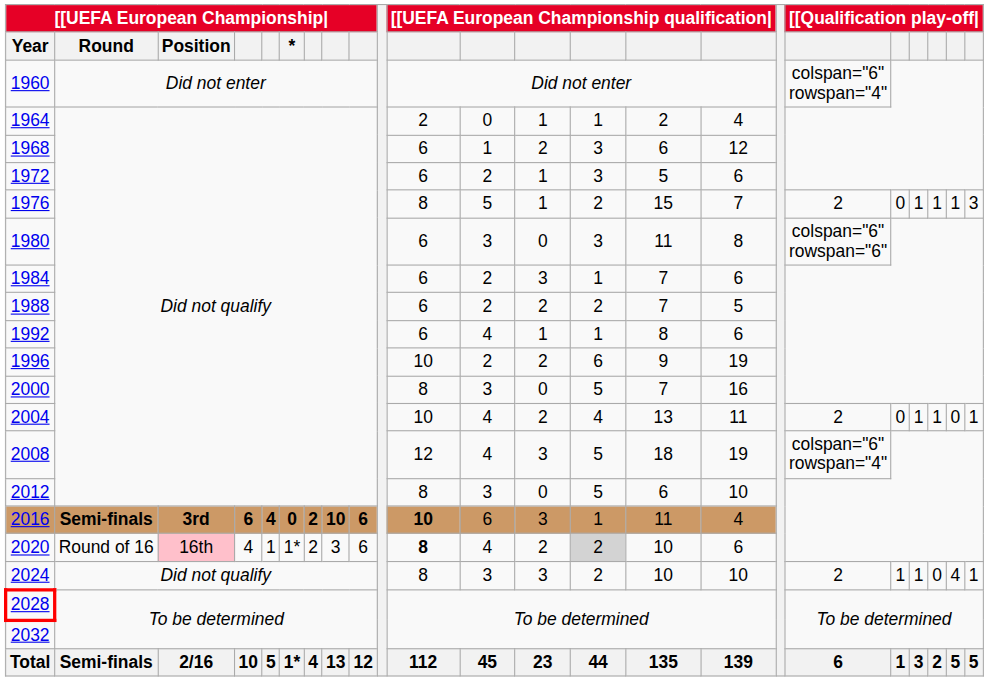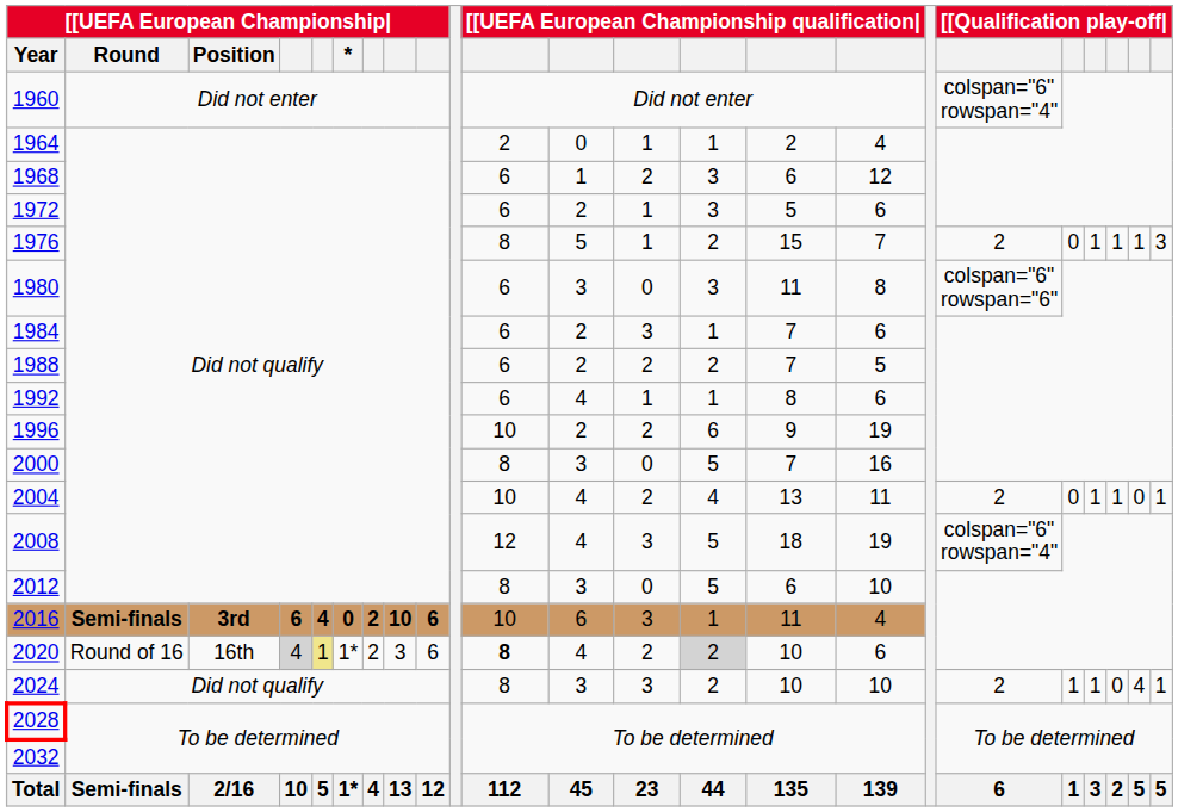 <table class="wikitable" style="text-align:center">
 <tr>
 <th colspan="9" style="background:#E60026;color:#FFFFFF;">[[UEFA European Championship|</th>
 <th style="width:1%" rowspan="39"></th>
 <th colspan="6" style="background:#E60026;color:#FFFFFF;">[[UEFA European Championship qualification|</th>
 <th rowspan="39" width="1"></th>
 <th colspan="26" style="background:#E60026;color:#FFFFFF;">[[Qualification play-off|</th>
 </tr>
 <tr>
 <th>Year</th>
 <th>Round</th>
 <th>Position</th>
 <th></th>
 <th></th>
 <th>*</th>
 <th></th>
 <th></th>
 <th></th>
 <th></th>
 <th></th>
 <th></th>
 <th></th>
 <th></th>
 <th></th>
 <th width="20"></th>
 <th></th>
 <th></th>
 <th></th>
 <th></th>
 <th></th>
 </tr>
 <tr>
 <td> <a href='#'>1960</a></td>
 <td colspan="8"><em>Did not enter</em></td>
 <td colspan="6"><em>Did not enter</em></td>
 <td>colspan="6" rowspan="4" </td>
 </tr>
 <tr>
 <td> <a href='#'>1964</a></td>
 <td colspan="8" rowspan="13"><em>Did not qualify</em></td>
 <td>2</td>
 <td>0</td>
 <td>1</td>
 <td>1</td>
 <td>2</td>
 <td>4</td>
 </tr>
 <tr>
 <td> <a href='#'>1968</a></td>
 <td>6</td>
 <td>1</td>
 <td>2</td>
 <td>3</td>
 <td>6</td>
 <td>12</td>
 </tr>
 <tr>
 <td> <a href='#'>1972</a></td>
 <td>6</td>
 <td>2</td>
 <td>1</td>
 <td>3</td>
 <td>5</td>
 <td>6</td>
 </tr>
 <tr>
 <td> <a href='#'>1976</a></td>
 <td>8</td>
 <td>5</td>
 <td>1</td>
 <td>2</td>
 <td>15</td>
 <td>7</td>
 <td>2</td>
 <td>0</td>
 <td>1</td>
 <td>1</td>
 <td>1</td>
 <td>3</td>
 </tr>
 <tr>
 <td> <a href='#'>1980</a></td>
 <td>6</td>
 <td>3</td>
 <td>0</td>
 <td>3</td>
 <td>11</td>
 <td>8</td>
 <td>colspan="6" rowspan="6" </td>
 </tr>
 <tr>
 <td> <a href='#'>1984</a></td>
 <td>6</td>
 <td>2</td>
 <td>3</td>
 <td>1</td>
 <td>7</td>
 <td>6</td>
 </tr>
 <tr>
 <td> <a href='#'>1988</a></td>
 <td>6</td>
 <td>2</td>
 <td>2</td>
 <td>2</td>
 <td>7</td>
 <td>5</td>
 </tr>
 <tr>
 <td> <a href='#'>1992</a></td>
 <td>6</td>
 <td>4</td>
 <td>1</td>
 <td>1</td>
 <td>8</td>
 <td>6</td>
 </tr>
 <tr>
 <td> <a href='#'>1996</a></td>
 <td>10</td>
 <td>2</td>
 <td>2</td>
 <td>6</td>
 <td>9</td>
 <td>19</td>
 </tr>
 <tr>
 <td>  <a href='#'>2000</a></td>
 <td>8</td>
 <td>3</td>
 <td>0</td>
 <td>5</td>
 <td>7</td>
 <td>16</td>
 </tr>
 <tr>
 <td> <a href='#'>2004</a></td>
 <td>10</td>
 <td>4</td>
 <td>2</td>
 <td>4</td>
 <td>13</td>
 <td>11</td>
 <td>2</td>
 <td>0</td>
 <td>1</td>
 <td>1</td>
 <td>0</td>
 <td>1</td>
 </tr>
 <tr>
 <td>  <a href='#'>2008</a></td>
 <td>12</td>
 <td>4</td>
 <td>3</td>
 <td>5</td>
 <td>18</td>
 <td>19</td>
 <td>colspan="6" rowspan="4" </td>
 </tr>
 <tr>
 <td>  <a href='#'>2012</a></td>
 <td>8</td>
 <td>3</td>
 <td>0</td>
 <td>5</td>
 <td>6</td>
 <td>10</td>
 </tr>
 <tr bgcolor=#cc9966>
 <td> <a href='#'>2016</a></td>
 <td><strong>Semi-finals</strong></td>
 <td><strong>3rd</strong></td>
 <td><strong>6</strong></td>
 <td><strong>4</strong></td>
 <td><strong>0</strong></td>
 <td><strong>2</strong></td>
 <td><strong>10</strong></td>
 <td><strong>6</strong></td>
-<td><strong>10</strong></td>
+<td>10</td>
 <td>6</td>
 <td>3</td>
 <td>1</td>
 <td>11</td>
 <td>4</td>
 </tr>
 <tr>
 <td> <a href='#'>2020</a></td>
 <td>Round of 16</td>
-<td style="background: pink;">16th</td>
-<td>4</td>
-<td>1</td>
+<td>16th</td>
+<td style="background: lightgrey;">4</td>
+<td style="background: khaki;">1</td>
 <td>1*</td>
 <td>2</td>
 <td>3</td>
 <td>6</td>
 <td><strong>8</strong></td>
 <td>4</td>
 <td>2</td>
 <td style="background: lightgrey;">2</td>
 <td>10</td>
 <td>6</td>
 </tr>
 <tr>
 <td> <a href='#'>2024</a></td>
 <td colspan="8"><em>Did not qualify</em></td>
 <td>8</td>
 <td>3</td>
 <td>3</td>
 <td>2</td>
 <td>10</td>
 <td>10</td>
 <td>2</td>
 <td>1</td>
 <td>1</td>
 <td>0</td>
 <td>4</td>
 <td>1</td>
 </tr>
 <tr>
 <td style="border: 3px solid red">    <a href='#'>2028</a></td>
 <td colspan="8" rowspan="2"><em>To be determined</em></td>
 <td colspan="6" rowspan="2"><em>To be determined</em></td>
 <td colspan="6" rowspan="2"><em>To be determined</em></td>
 </tr>
 <tr>
 <td>  <a href='#'>2032</a></td>
 </tr>
 <tr>
 <th>Total</th>
 <th>Semi-finals</th>
 <th>2/16</th>
 <th>10</th>
 <th>5</th>
 <th>1*</th>
 <th>4</th>
 <th>13</th>
 <th>12</th>
 <th>112</th>
 <th>45</th>
 <th>23</th>
 <th>44</th>
 <th>135</th>
 <th>139</th>
 <th>6</th>
 <th>1</th>
 <th>3</th>
 <th>2</th>
 <th>5</th>
 <th>5</th>
 </tr>
 </table>
